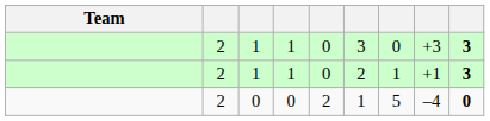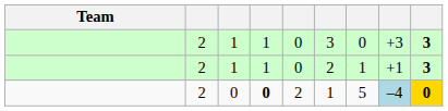 <table class="wikitable" style="text-align:center">
 <tr>
 <th width=175>Team</th>
 <th width=25></th>
 <th width=25></th>
 <th width=25></th>
 <th width=25></th>
 <th width=25></th>
 <th width=25></th>
 <th width=25></th>
 <th width=25></th>
 </tr>
 <tr align=center bgcolor=#ccffcc>
 <td align=left></td>
 <td>2</td>
 <td>1</td>
 <td>1</td>
 <td>0</td>
 <td>3</td>
 <td>0</td>
 <td>+3</td>
 <td><strong>3</strong></td>
 </tr>
 <tr align=center bgcolor=#ccffcc>
 <td align=left></td>
 <td>2</td>
 <td>1</td>
 <td>1</td>
 <td>0</td>
 <td>2</td>
 <td>1</td>
 <td>+1</td>
 <td><strong>3</strong></td>
 </tr>
 <tr>
 <td align=left></td>
 <td>2</td>
 <td>0</td>
-<td>0</td>
+<td><strong>0</strong></td>
 <td>2</td>
 <td>1</td>
 <td>5</td>
-<td>–4</td>
-<td><strong>0</strong></td>
+<td style="background: lightblue;">–4</td>
+<td style="background: gold;"><strong>0</strong></td>
 </tr>
 </table>
